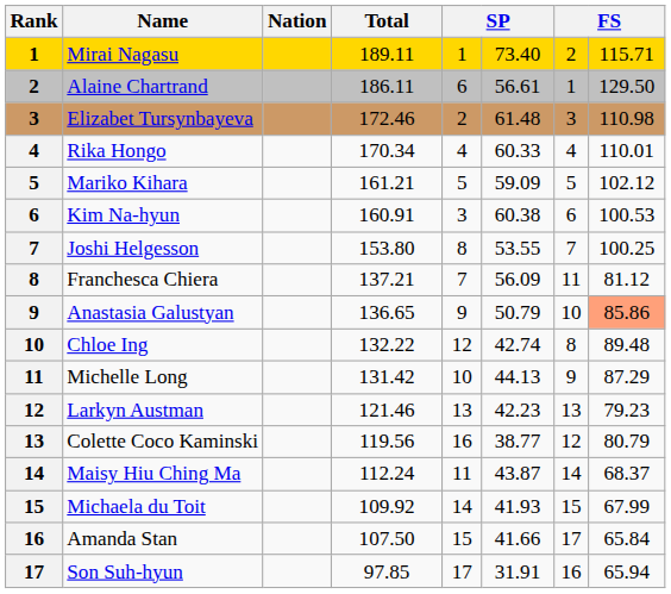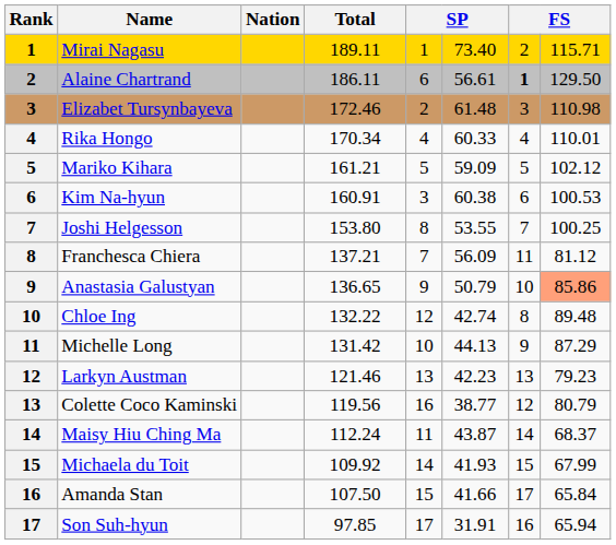 <table class="wikitable sortable">
 <tr>
 <th>Rank</th>
 <th>Name</th>
 <th>Nation</th>
 <th width="80px">Total</th>
 <th colspan="2" width="80px"><a href='#'>SP</a></th>
 <th colspan="2" width="80px"><a href='#'>FS</a></th>
 </tr>
 <tr bgcolor="gold">
 <td align="center"><strong>1</strong></td>
 <td><a href='#'>Mirai Nagasu</a></td>
 <td></td>
 <td align="center">189.11</td>
 <td align="center">1</td>
 <td align="center">73.40</td>
 <td align="center">2</td>
 <td align="center">115.71</td>
 </tr>
 <tr bgcolor="silver">
 <td align="center"><strong>2</strong></td>
 <td><a href='#'>Alaine Chartrand</a></td>
 <td></td>
 <td align="center">186.11</td>
 <td align="center">6</td>
 <td align="center">56.61</td>
-<td align="center">1</td>
+<td align="center"><strong>1</strong></td>
 <td align="center">129.50</td>
 </tr>
 <tr bgcolor="cc9966">
 <td align="center"><strong>3</strong></td>
 <td><a href='#'>Elizabet Tursynbayeva</a></td>
 <td></td>
 <td align="center">172.46</td>
 <td align="center">2</td>
 <td align="center">61.48</td>
 <td align="center">3</td>
 <td align="center">110.98</td>
 </tr>
 <tr>
 <th>4</th>
 <td><a href='#'>Rika Hongo</a></td>
 <td></td>
 <td align="center">170.34</td>
 <td align="center">4</td>
 <td align="center">60.33</td>
 <td align="center">4</td>
 <td align="center">110.01</td>
 </tr>
 <tr>
 <th>5</th>
 <td><a href='#'>Mariko Kihara</a></td>
 <td></td>
 <td align="center">161.21</td>
 <td align="center">5</td>
 <td align="center">59.09</td>
 <td align="center">5</td>
 <td align="center">102.12</td>
 </tr>
 <tr>
 <th>6</th>
 <td><a href='#'>Kim Na-hyun</a></td>
 <td></td>
 <td align="center">160.91</td>
 <td align="center">3</td>
 <td align="center">60.38</td>
 <td align="center">6</td>
 <td align="center">100.53</td>
 </tr>
 <tr>
 <th>7</th>
 <td><a href='#'>Joshi Helgesson</a></td>
 <td></td>
 <td align="center">153.80</td>
 <td align="center">8</td>
 <td align="center">53.55</td>
 <td align="center">7</td>
 <td align="center">100.25</td>
 </tr>
 <tr>
 <th>8</th>
 <td>Franchesca Chiera</td>
 <td></td>
 <td align="center">137.21</td>
 <td align="center">7</td>
 <td align="center">56.09</td>
 <td align="center">11</td>
 <td align="center">81.12</td>
 </tr>
 <tr>
 <th>9</th>
 <td><a href='#'>Anastasia Galustyan</a></td>
 <td></td>
 <td align="center">136.65</td>
 <td align="center">9</td>
 <td align="center">50.79</td>
 <td align="center">10</td>
 <td align="center" style="background: lightsalmon;">85.86</td>
 </tr>
 <tr>
 <th>10</th>
 <td><a href='#'>Chloe Ing</a></td>
 <td></td>
 <td align="center">132.22</td>
 <td align="center">12</td>
 <td align="center">42.74</td>
 <td align="center">8</td>
 <td align="center">89.48</td>
 </tr>
 <tr>
 <th>11</th>
 <td>Michelle Long</td>
 <td></td>
 <td align="center">131.42</td>
 <td align="center">10</td>
 <td align="center">44.13</td>
 <td align="center">9</td>
 <td align="center">87.29</td>
 </tr>
 <tr>
 <th>12</th>
 <td><a href='#'>Larkyn Austman</a></td>
 <td></td>
 <td align="center">121.46</td>
 <td align="center">13</td>
 <td align="center">42.23</td>
 <td align="center">13</td>
 <td align="center">79.23</td>
 </tr>
 <tr>
 <th>13</th>
 <td>Colette Coco Kaminski</td>
 <td></td>
 <td align="center">119.56</td>
 <td align="center">16</td>
 <td align="center">38.77</td>
 <td align="center">12</td>
 <td align="center">80.79</td>
 </tr>
 <tr>
 <th>14</th>
 <td><a href='#'>Maisy Hiu Ching Ma</a></td>
 <td></td>
 <td align="center">112.24</td>
 <td align="center">11</td>
 <td align="center">43.87</td>
 <td align="center">14</td>
 <td align="center">68.37</td>
 </tr>
 <tr>
 <th>15</th>
 <td><a href='#'>Michaela du Toit</a></td>
 <td></td>
 <td align="center">109.92</td>
 <td align="center">14</td>
 <td align="center">41.93</td>
 <td align="center">15</td>
 <td align="center">67.99</td>
 </tr>
 <tr>
 <th>16</th>
 <td>Amanda Stan</td>
 <td></td>
 <td align="center">107.50</td>
 <td align="center">15</td>
 <td align="center">41.66</td>
 <td align="center">17</td>
 <td align="center">65.84</td>
 </tr>
 <tr>
 <th>17</th>
 <td><a href='#'>Son Suh-hyun</a></td>
 <td></td>
 <td align="center">97.85</td>
 <td align="center">17</td>
 <td align="center">31.91</td>
 <td align="center">16</td>
 <td align="center">65.94</td>
 </tr>
 </table>
